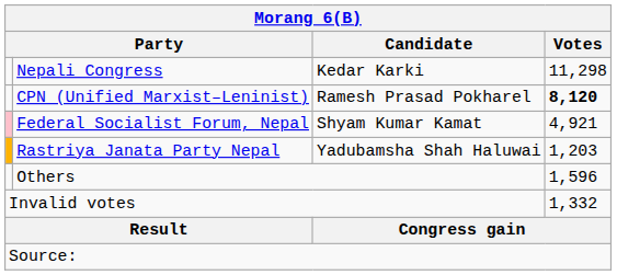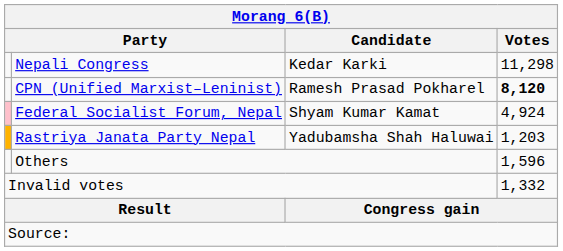 <table class="wikitable">
 <tr>
 <th colspan="4"><a href='#'>Morang 6(B)</a></th>
 </tr>
 <tr>
 <th colspan="2">Party</th>
 <th>Candidate</th>
 <th>Votes</th>
 </tr>
 <tr>
 <td style="background-color:"></td>
 <td><a href='#'>Nepali Congress</a></td>
 <td>Kedar Karki</td>
 <td>11,298</td>
 </tr>
 <tr>
 <td style="background-color:"></td>
 <td><a href='#'>CPN (Unified Marxist–Leninist)</a></td>
 <td>Ramesh Prasad Pokharel</td>
 <td><strong>8,120</strong></td>
 </tr>
 <tr>
 <td style="background-color:pink"></td>
 <td><a href='#'>Federal Socialist Forum, Nepal</a></td>
 <td>Shyam Kumar Kamat</td>
-<td>4,921</td>
+<td>4,924</td>
 </tr>
 <tr>
 <td style="background-color:#ffb300"></td>
 <td><a href='#'>Rastriya Janata Party Nepal</a></td>
 <td>Yadubamsha Shah Haluwai</td>
 <td>1,203</td>
 </tr>
 <tr>
 <td></td>
 <td colspan="2">Others</td>
 <td>1,596</td>
 </tr>
 <tr>
 <td colspan="3">Invalid votes</td>
 <td>1,332</td>
 </tr>
 <tr>
 <th colspan="2">Result</th>
 <th colspan="2">Congress gain</th>
 </tr>
 <tr>
 <td colspan="4">Source: </td>
 </tr>
 </table>
